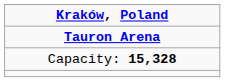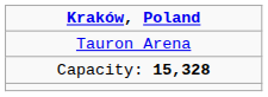 <table class=wikitable style=text-align:center width=210>
 <tr>
 <td><strong> <a href='#'>Kraków</a>, <a href='#'>Poland</a></strong></td>
 </tr>
 <tr>
-<td><strong><a href='#'>Tauron Arena</a></strong></td>
+<td><a href='#'>Tauron Arena</a></td>
 </tr>
 <tr>
 <td>Capacity: <strong>15,328</strong></td>
 </tr>
 <tr>
 <td></td>
 </tr>
 </table>
